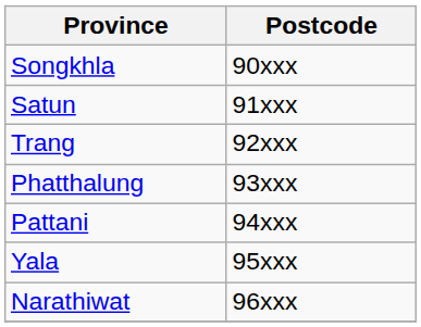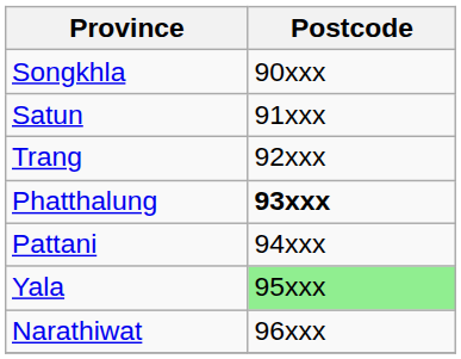 <table class="wikitable" style="width:30%; display:inline-table;">
 <tr>
 <th>Province</th>
 <th>Postcode</th>
 </tr>
 <tr>
 <td><a href='#'>Songkhla</a></td>
 <td>90xxx</td>
 </tr>
 <tr>
 <td><a href='#'>Satun</a></td>
 <td>91xxx</td>
 </tr>
 <tr>
 <td><a href='#'>Trang</a></td>
 <td>92xxx</td>
 </tr>
 <tr>
 <td><a href='#'>Phatthalung</a></td>
-<td>93xxx</td>
+<td><strong>93xxx</strong></td>
 </tr>
 <tr>
 <td><a href='#'>Pattani</a></td>
 <td>94xxx</td>
 </tr>
 <tr>
 <td><a href='#'>Yala</a></td>
-<td>95xxx</td>
+<td style="background: lightgreen;">95xxx</td>
 </tr>
 <tr>
 <td><a href='#'>Narathiwat</a></td>
 <td>96xxx</td>
 </tr>
 <tr>
 </tr>
 </table>
